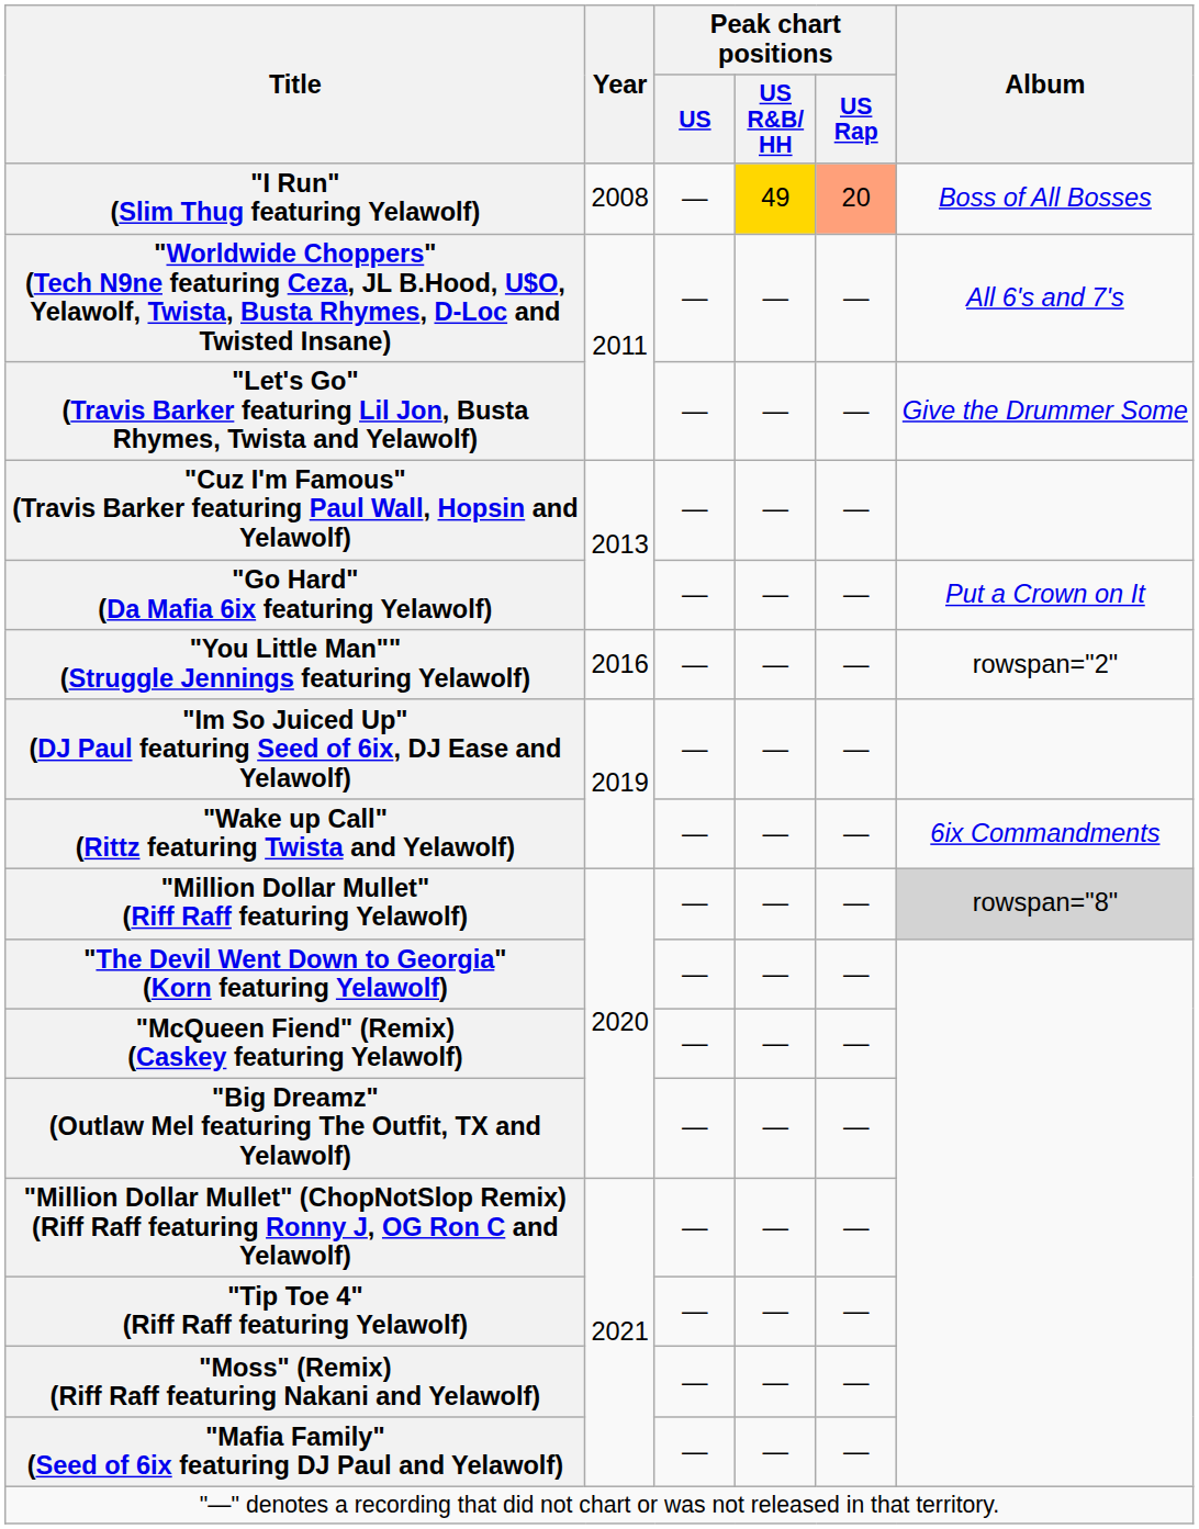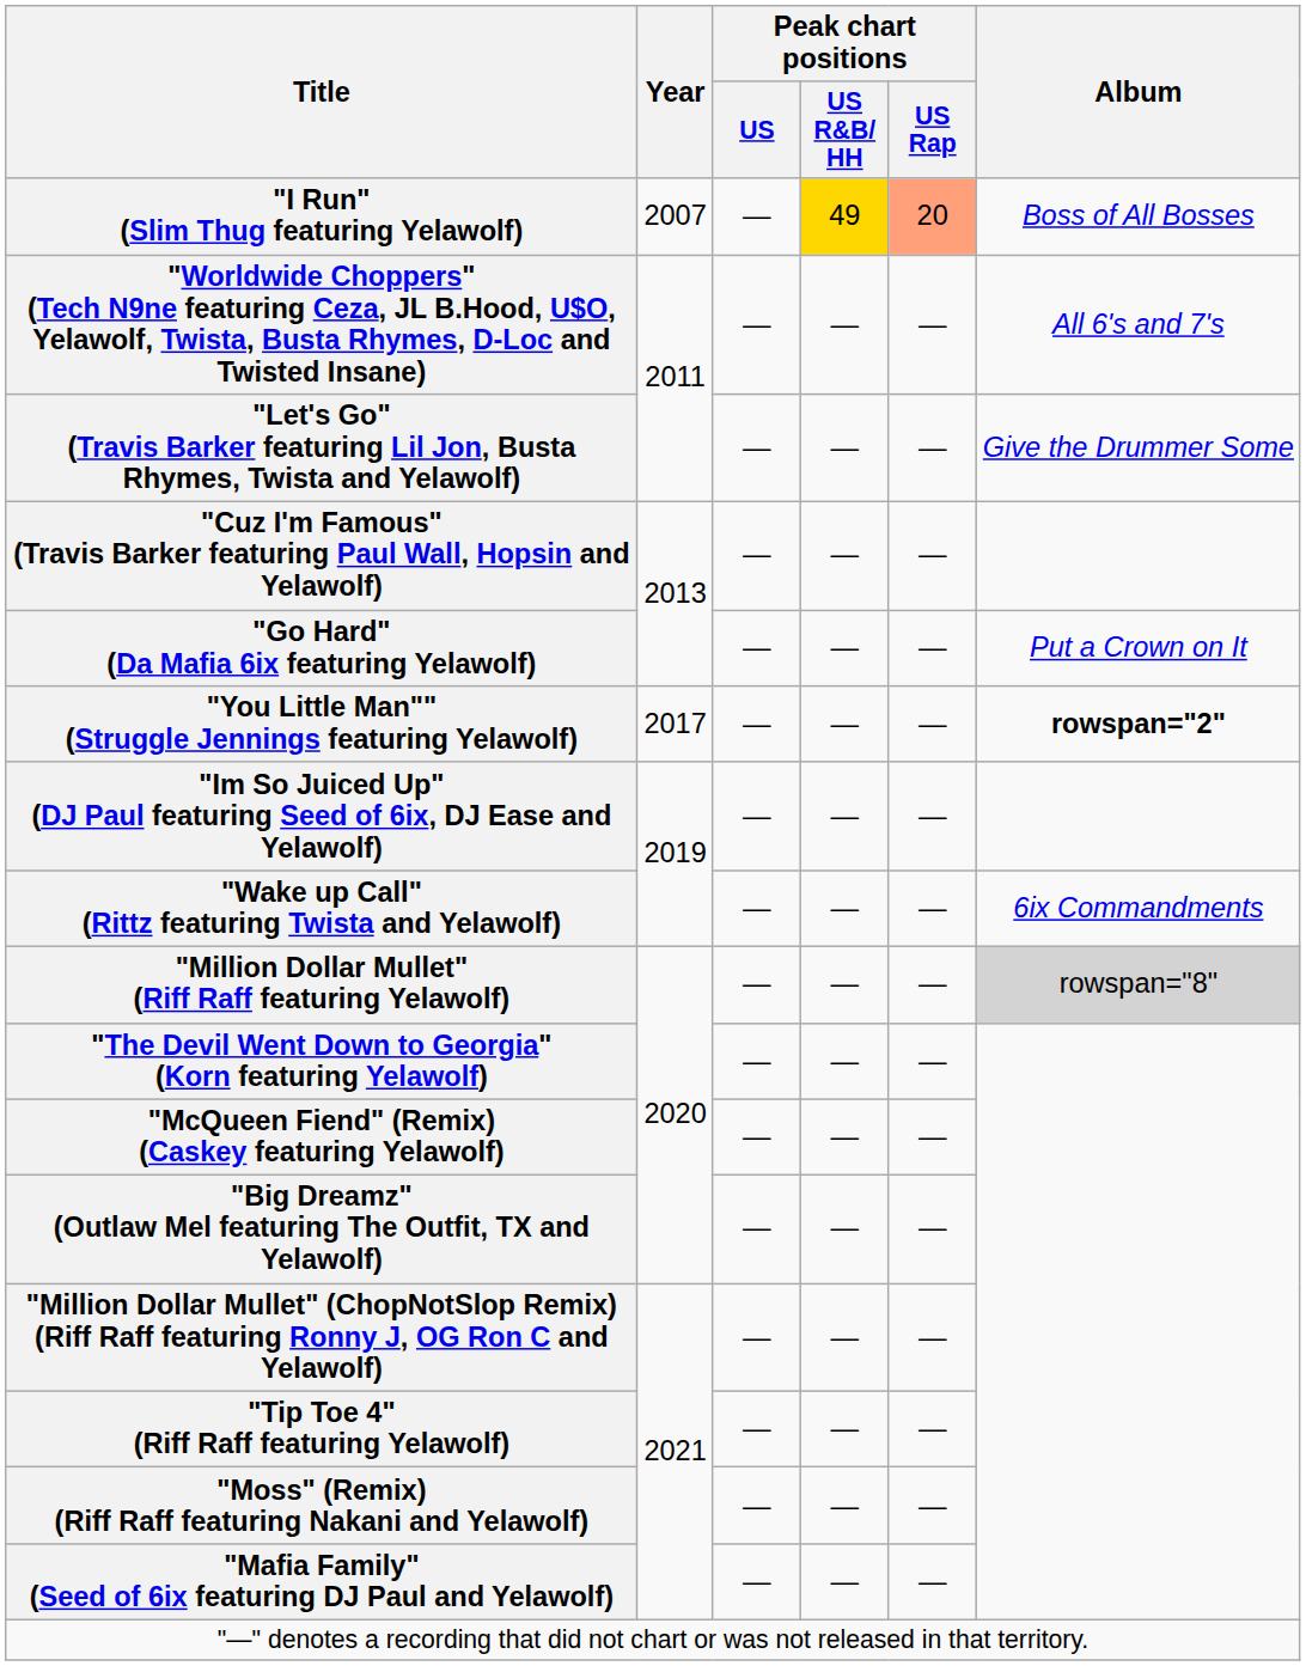 <table class="wikitable plainrowheaders" style="text-align:center;">
 <tr>
 <th scope="col" rowspan="2" style="width:22em;">Title</th>
 <th scope="col" rowspan="2">Year</th>
 <th scope="col" colspan="3">Peak chart positions</th>
 <th scope="col" rowspan="2">Album</th>
 </tr>
 <tr>
 <th scope="col" style="width:3em;font-size:90%;"><a href='#'>US</a></th>
 <th scope="col" style="width:3em;font-size:90%;"><a href='#'>US<br>R&B/<br>HH</a></th>
 <th scope="col" style="width:3em;font-size:90%;"><a href='#'>US<br>Rap</a></th>
 </tr>
 <tr>
 <th scope="row">"I Run"<br><span>(<a href='#'>Slim Thug</a> featuring Yelawolf)</span></th>
-<td>2008</td>
+<td>2007</td>
 <td>—</td>
 <td style="background: gold;">49</td>
 <td style="background: lightsalmon;">20</td>
 <td><em><a href='#'>Boss of All Bosses</a></em></td>
 </tr>
 <tr>
 <th scope="row">"<a href='#'>Worldwide Choppers</a>"<br><span>(<a href='#'>Tech N9ne</a> featuring <a href='#'>Ceza</a>, JL B.Hood, <a href='#'>U$O</a>, Yelawolf, <a href='#'>Twista</a>, <a href='#'>Busta Rhymes</a>, <a href='#'>D-Loc</a> and Twisted Insane)</span></th>
 <td rowspan="2">2011</td>
 <td>—</td>
 <td>—</td>
 <td>—</td>
 <td><em><a href='#'>All 6's and 7's</a></em></td>
 </tr>
 <tr>
 <th scope="row">"Let's Go"<br><span>(<a href='#'>Travis Barker</a> featuring <a href='#'>Lil Jon</a>, Busta Rhymes, Twista and Yelawolf)</span></th>
 <td>—</td>
 <td>—</td>
 <td>—</td>
 <td><em><a href='#'>Give the Drummer Some</a></em></td>
 </tr>
 <tr>
 <th scope="row">"Cuz I'm Famous"<br><span>(Travis Barker featuring <a href='#'>Paul Wall</a>, <a href='#'>Hopsin</a> and Yelawolf)</span></th>
 <td rowspan="2">2013</td>
 <td>—</td>
 <td>—</td>
 <td>—</td>
 <td></td>
 </tr>
 <tr>
 <th scope="row">"Go Hard"<br><span>(<a href='#'>Da Mafia 6ix</a> featuring Yelawolf)</span></th>
 <td>—</td>
 <td>—</td>
 <td>—</td>
 <td><em><a href='#'>Put a Crown on It</a></em></td>
 </tr>
 <tr>
 <th scope="row">"You Little Man""<br><span>(<a href='#'>Struggle Jennings</a> featuring Yelawolf)</span></th>
-<td>2016</td>
+<td>2017</td>
 <td>—</td>
 <td>—</td>
 <td>—</td>
-<td>rowspan="2" </td>
+<td><strong>rowspan="2" </strong></td>
 </tr>
 <tr>
 <th scope="row">"Im So Juiced Up"<br><span>(<a href='#'>DJ Paul</a> featuring <a href='#'>Seed of 6ix</a>, DJ Ease and Yelawolf)</span></th>
 <td rowspan="2">2019</td>
 <td>—</td>
 <td>—</td>
 <td>—</td>
 </tr>
 <tr>
 <th scope="row">"Wake up Call"<br><span>(<a href='#'>Rittz</a> featuring <a href='#'>Twista</a> and Yelawolf)</span></th>
 <td>—</td>
 <td>—</td>
 <td>—</td>
 <td><em><a href='#'>6ix Commandments</a></em></td>
 </tr>
 <tr>
 <th scope="row">"Million Dollar Mullet"<br><span>(<a href='#'>Riff Raff</a> featuring Yelawolf)</span></th>
 <td rowspan="4">2020</td>
 <td>—</td>
 <td>—</td>
 <td>—</td>
 <td style="background: lightgrey;">rowspan="8" </td>
 </tr>
 <tr>
 <th scope="row">"<a href='#'>The Devil Went Down to Georgia</a>"<br><span>(<a href='#'>Korn</a> featuring <a href='#'>Yelawolf</a>)</span></th>
 <td>—</td>
 <td>—</td>
 <td>—</td>
 </tr>
 <tr>
 <th scope="row">"McQueen Fiend" (Remix)<br><span>(<a href='#'>Caskey</a> featuring Yelawolf)</span></th>
 <td>—</td>
 <td>—</td>
 <td>—</td>
 </tr>
 <tr>
 <th scope="row">"Big Dreamz"<br><span>(Outlaw Mel featuring The Outfit, TX and Yelawolf)</span></th>
 <td>—</td>
 <td>—</td>
 <td>—</td>
 </tr>
 <tr>
 <th scope="row">"Million Dollar Mullet" (ChopNotSlop Remix)<br><span>(Riff Raff featuring <a href='#'>Ronny J</a>, <a href='#'>OG Ron C</a> and Yelawolf)</span></th>
 <td rowspan="4">2021</td>
 <td>—</td>
 <td>—</td>
 <td>—</td>
 </tr>
 <tr>
 <th scope="row">"Tip Toe 4"<br><span>(Riff Raff featuring Yelawolf)</span></th>
 <td>—</td>
 <td>—</td>
 <td>—</td>
 </tr>
 <tr>
 <th scope="row">"Moss" (Remix)<br><span>(Riff Raff featuring Nakani and Yelawolf)</span></th>
 <td>—</td>
 <td>—</td>
 <td>—</td>
 </tr>
 <tr>
 <th scope="row">"Mafia Family"<br><span>(<a href='#'>Seed of 6ix</a> featuring DJ Paul and Yelawolf)</span></th>
 <td>—</td>
 <td>—</td>
 <td>—</td>
 </tr>
 <tr>
 <td colspan="6" style="font-size:90%">"—" denotes a recording that did not chart or was not released in that territory.</td>
 </tr>
 </table>
